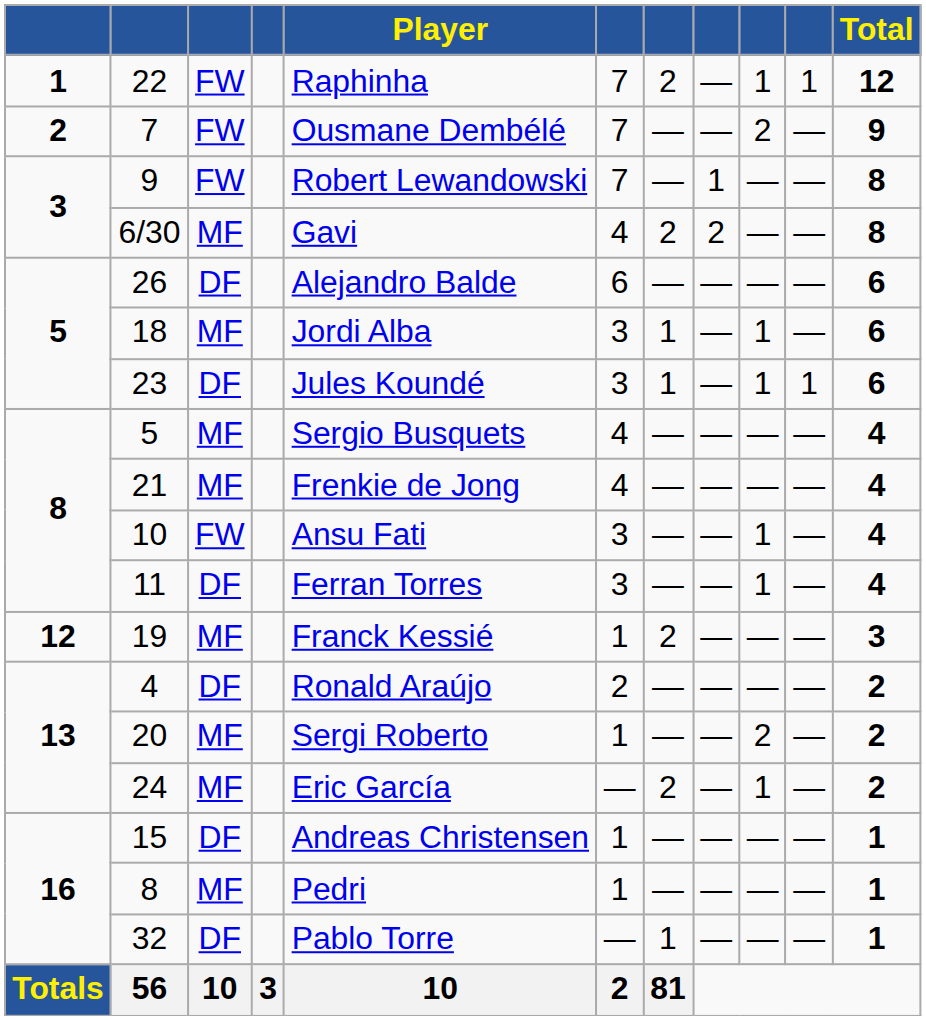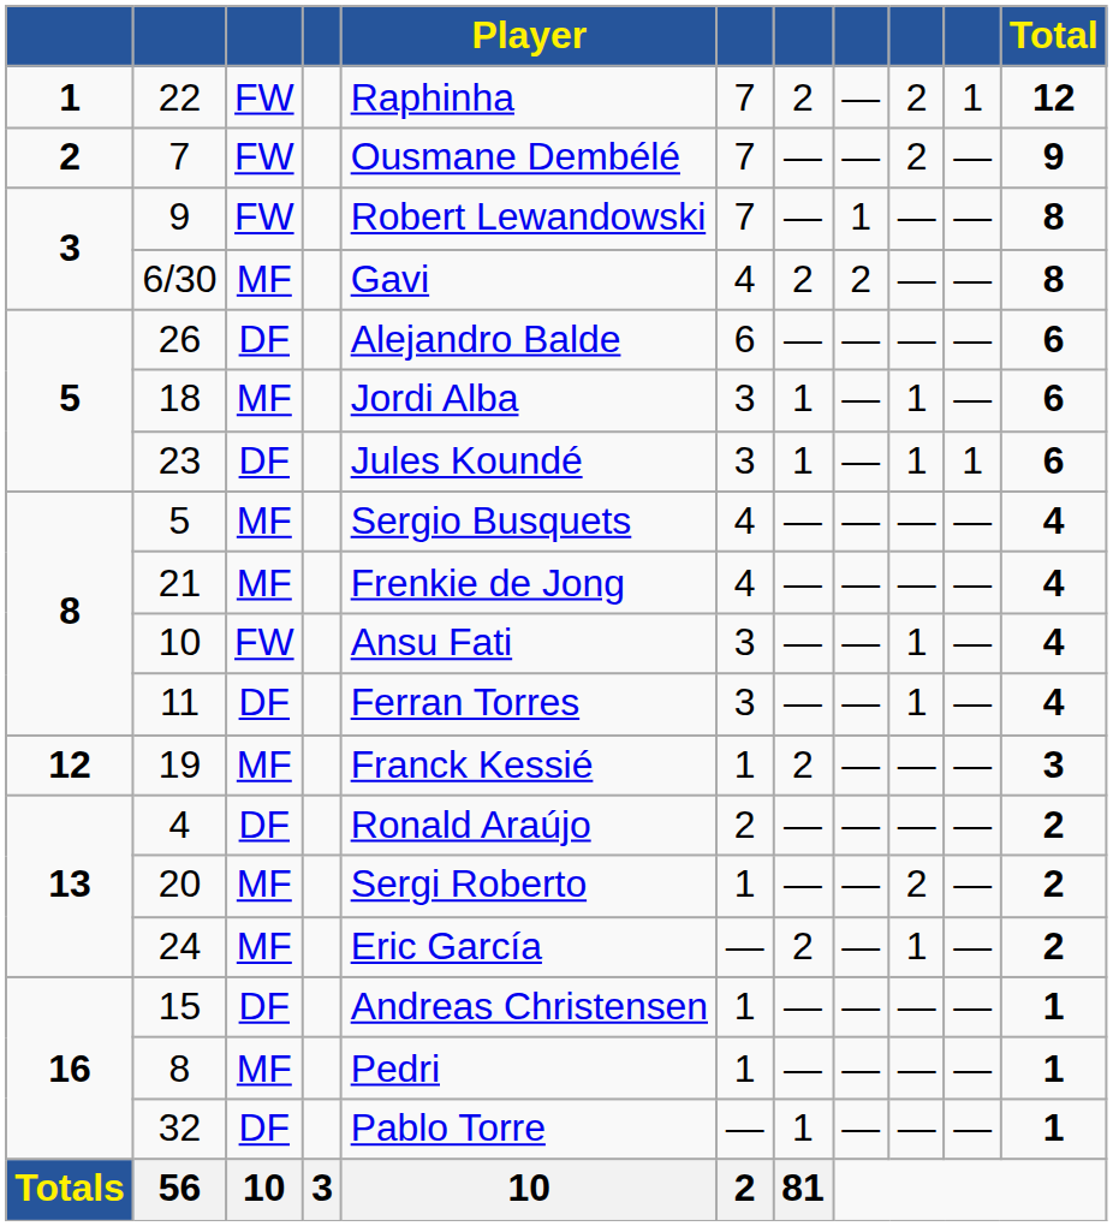 <table class="wikitable" style="text-align:center">
 <tr>
 <th style="background:#26559B; color:#FFF000; "></th>
 <th style="background:#26559B; color:#FFF000; "></th>
 <th style="background:#26559B; color:#FFF000; "></th>
 <th style="background:#26559B; color:#FFF000; "></th>
 <th style="background:#26559B; color:#FFF000; ">Player</th>
 <th style="background:#26559B; color:#FFF000; "></th>
 <th style="background:#26559B; color:#FFF000; "></th>
 <th style="background:#26559B; color:#FFF000; "></th>
 <th style="background:#26559B; color:#FFF000; "></th>
 <th style="background:#26559B; color:#FFF000; "></th>
 <th style="background:#26559B; color:#FFF000; ">Total</th>
 </tr>
 <tr>
 <td><strong>1</strong></td>
 <td>22</td>
 <td><a href='#'>FW</a></td>
 <td></td>
 <td align="left"><a href='#'>Raphinha</a></td>
 <td>7</td>
 <td>2</td>
 <td>—</td>
-<td>1</td>
+<td>2</td>
 <td>1</td>
 <td><strong>12</strong></td>
 </tr>
 <tr>
 <td><strong>2</strong></td>
 <td>7</td>
 <td><a href='#'>FW</a></td>
 <td></td>
 <td align="left"><a href='#'>Ousmane Dembélé</a></td>
 <td>7</td>
 <td>—</td>
 <td>—</td>
 <td>2</td>
 <td>—</td>
 <td><strong>9</strong></td>
 </tr>
 <tr>
 <td rowspan="2"><strong>3</strong></td>
 <td>9</td>
 <td><a href='#'>FW</a></td>
 <td></td>
 <td align="left"><a href='#'>Robert Lewandowski</a></td>
 <td>7</td>
 <td>—</td>
 <td>1</td>
 <td>—</td>
 <td>—</td>
 <td><strong>8</strong></td>
 </tr>
 <tr>
 <td>6/30</td>
 <td><a href='#'>MF</a></td>
 <td></td>
 <td align="left"><a href='#'>Gavi</a></td>
 <td>4</td>
 <td>2</td>
 <td>2</td>
 <td>—</td>
 <td>—</td>
 <td><strong>8</strong></td>
 </tr>
 <tr>
 <td rowspan="3"><strong>5</strong></td>
 <td>26</td>
 <td><a href='#'>DF</a></td>
 <td></td>
 <td align="left"><a href='#'>Alejandro Balde</a></td>
 <td>6</td>
 <td>—</td>
 <td>—</td>
 <td>—</td>
 <td>—</td>
 <td><strong>6</strong></td>
 </tr>
 <tr>
 <td>18</td>
 <td><a href='#'>MF</a></td>
 <td></td>
 <td align="left"><a href='#'>Jordi Alba</a></td>
 <td>3</td>
 <td>1</td>
 <td>—</td>
 <td>1</td>
 <td>—</td>
 <td><strong>6</strong></td>
 </tr>
 <tr>
 <td>23</td>
 <td><a href='#'>DF</a></td>
 <td></td>
 <td align="left"><a href='#'>Jules Koundé</a></td>
 <td>3</td>
 <td>1</td>
 <td>—</td>
 <td>1</td>
 <td>1</td>
 <td><strong>6</strong></td>
 </tr>
 <tr>
 <td rowspan="4"><strong>8</strong></td>
 <td>5</td>
 <td><a href='#'>MF</a></td>
 <td></td>
 <td align="left"><a href='#'>Sergio Busquets</a></td>
 <td>4</td>
 <td>—</td>
 <td>—</td>
 <td>—</td>
 <td>—</td>
 <td><strong>4</strong></td>
 </tr>
 <tr>
 <td>21</td>
 <td><a href='#'>MF</a></td>
 <td></td>
 <td align="left"><a href='#'>Frenkie de Jong</a></td>
 <td>4</td>
 <td>—</td>
 <td>—</td>
 <td>—</td>
 <td>—</td>
 <td><strong>4</strong></td>
 </tr>
 <tr>
 <td>10</td>
 <td><a href='#'>FW</a></td>
 <td></td>
 <td align="left"><a href='#'>Ansu Fati</a></td>
 <td>3</td>
 <td>—</td>
 <td>—</td>
 <td>1</td>
 <td>—</td>
 <td><strong>4</strong></td>
 </tr>
 <tr>
 <td>11</td>
 <td><a href='#'>DF</a></td>
 <td></td>
 <td align="left"><a href='#'>Ferran Torres</a></td>
 <td>3</td>
 <td>—</td>
 <td>—</td>
 <td>1</td>
 <td>—</td>
 <td><strong>4</strong></td>
 </tr>
 <tr>
 <td><strong>12</strong></td>
 <td>19</td>
 <td><a href='#'>MF</a></td>
 <td></td>
 <td align="left"><a href='#'>Franck Kessié</a></td>
 <td>1</td>
 <td>2</td>
 <td>—</td>
 <td>—</td>
 <td>—</td>
 <td><strong>3</strong></td>
 </tr>
 <tr>
 <td rowspan="3"><strong>13</strong></td>
 <td>4</td>
 <td><a href='#'>DF</a></td>
 <td></td>
 <td align="left"><a href='#'>Ronald Araújo</a></td>
 <td>2</td>
 <td>—</td>
 <td>—</td>
 <td>—</td>
 <td>—</td>
 <td><strong>2</strong></td>
 </tr>
 <tr>
 <td>20</td>
 <td><a href='#'>MF</a></td>
 <td></td>
 <td align="left"><a href='#'>Sergi Roberto</a></td>
 <td>1</td>
 <td>—</td>
 <td>—</td>
 <td>2</td>
 <td>—</td>
 <td><strong>2</strong></td>
 </tr>
 <tr>
 <td>24</td>
 <td><a href='#'>MF</a></td>
 <td></td>
 <td align=left><a href='#'>Eric García</a></td>
 <td>—</td>
 <td>2</td>
 <td>—</td>
 <td>1</td>
 <td>—</td>
 <td><strong>2</strong></td>
 </tr>
 <tr>
 <td rowspan="3"><strong>16</strong></td>
 <td>15</td>
 <td><a href='#'>DF</a></td>
 <td></td>
 <td align="left"><a href='#'>Andreas Christensen</a></td>
 <td>1</td>
 <td>—</td>
 <td>—</td>
 <td>—</td>
 <td>—</td>
 <td><strong>1</strong></td>
 </tr>
 <tr>
 <td>8</td>
 <td><a href='#'>MF</a></td>
 <td></td>
 <td align="left"><a href='#'>Pedri</a></td>
 <td>1</td>
 <td>—</td>
 <td>—</td>
 <td>—</td>
 <td>—</td>
 <td><strong>1</strong></td>
 </tr>
 <tr>
 <td>32</td>
 <td><a href='#'>DF</a></td>
 <td></td>
 <td align="left"><a href='#'>Pablo Torre</a></td>
 <td>—</td>
 <td>1</td>
 <td>—</td>
 <td>—</td>
 <td>—</td>
 <td><strong>1</strong></td>
 </tr>
 <tr>
 <th style="background:#26559B; color:#FFF000; "><strong>Totals</strong></th>
 <th><strong>56</strong></th>
 <th><strong>10</strong></th>
 <th><strong>3</strong></th>
 <th><strong>10</strong></th>
 <th><strong>2</strong></th>
 <th><strong>81</strong></th>
 </tr>
 </table>
